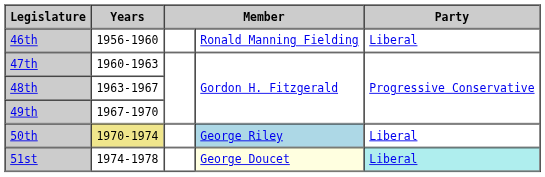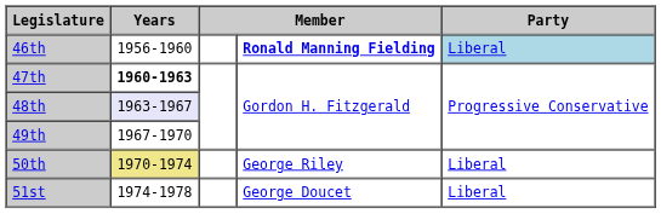 <table border=1 cellpadding=5 cellspacing=0>
 <tr bgcolor="CCCCCC">
 <th>Legislature</th>
 <th>Years</th>
 <th colspan="2">Member</th>
 <th>Party</th>
 </tr>
 <tr>
 <td bgcolor="CCCCCC"><a href='#'>46th</a></td>
 <td>1956-1960</td>
 <td rowspan="1" ></td>
-<td><a href='#'>Ronald Manning Fielding</a></td>
-<td><a href='#'>Liberal</a></td>
+<td><strong><a href='#'>Ronald Manning Fielding</a></strong></td>
+<td style="background: lightblue;"><a href='#'>Liberal</a></td>
 </tr>
 <tr>
 <td bgcolor="CCCCCC"><a href='#'>47th</a></td>
-<td>1960-1963</td>
+<td><strong>1960-1963</strong></td>
 <td rowspan="3" ></td>
 <td rowspan="3"><a href='#'>Gordon H. Fitzgerald</a></td>
 <td rowspan="3"><a href='#'>Progressive Conservative</a></td>
 </tr>
 <tr>
 <td bgcolor="CCCCCC"><a href='#'>48th</a></td>
-<td>1963-1967</td>
+<td style="background: lavender;">1963-1967</td>
 </tr>
 <tr>
 <td bgcolor="CCCCCC"><a href='#'>49th</a></td>
 <td>1967-1970</td>
 </tr>
 <tr>
 <td bgcolor="CCCCCC"><a href='#'>50th</a></td>
 <td style="background: khaki;">1970-1974</td>
 <td rowspan="1" >   </td>
-<td rowspan="1" style="background: lightblue;"><a href='#'>George Riley</a></td>
+<td rowspan="1"><a href='#'>George Riley</a></td>
 <td rowspan="1"><a href='#'>Liberal</a></td>
 </tr>
 <tr>
 <td bgcolor="CCCCCC"><a href='#'>51st</a></td>
 <td>1974-1978</td>
 <td rowspan="1" >   </td>
-<td rowspan="1" style="background: lightyellow;"><a href='#'>George Doucet</a></td>
-<td rowspan="1" style="background: paleturquoise;"><a href='#'>Liberal</a></td>
+<td rowspan="1"><a href='#'>George Doucet</a></td>
+<td rowspan="1"><a href='#'>Liberal</a></td>
 </tr>
 </table>
